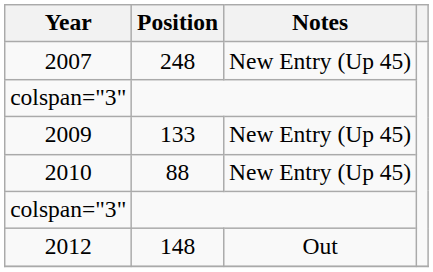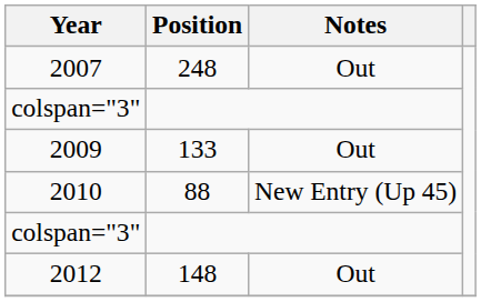 <table class="wikitable plainrowheaders" style="text-align:center;">
 <tr>
 <th>Year</th>
 <th>Position</th>
 <th>Notes</th>
 <th></th>
 </tr>
 <tr>
 <td>2007</td>
 <td>248</td>
-<td>New Entry (Up 45)</td>
+<td>Out</td>
 <td rowspan="6"></td>
 </tr>
 <tr>
 <td>colspan="3" </td>
 </tr>
 <tr>
 <td>2009</td>
 <td>133</td>
-<td>New Entry (Up 45)</td>
+<td>Out</td>
 </tr>
 <tr>
 <td>2010</td>
 <td>88</td>
 <td>New Entry (Up 45)</td>
 </tr>
 <tr>
 <td>colspan="3" </td>
 </tr>
 <tr>
 <td>2012</td>
 <td>148</td>
 <td>Out</td>
 </tr>
 <tr>
 </tr>
 </table>
